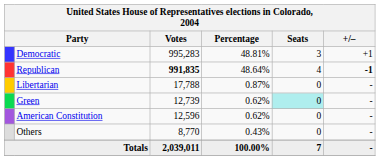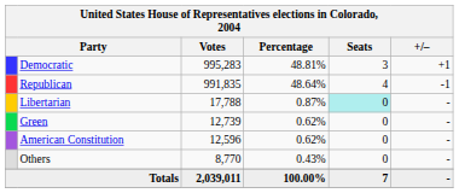 <table class="wikitable" style="font-size: 95%;">
 <tr>
 <th colspan="6">United States House of Representatives elections in Colorado,<br>2004</th>
 </tr>
 <tr>
 <th colspan=2 style="width: 15em">Party</th>
 <th style="width: 5em">Votes</th>
 <th style="width: 7em">Percentage</th>
 <th style="width: 5em">Seats</th>
 <th style="width: 5em">+/–</th>
 </tr>
 <tr>
 <th style="background-color:#3333FF; width: 3px"></th>
 <td style="width: 130px"><a href='#'>Democratic</a></td>
 <td align="right">995,283</td>
 <td align="right">48.81%</td>
 <td align="right">3</td>
 <td align="right">+1</td>
 </tr>
 <tr>
 <th style="background-color:#FF3333; width: 3px"></th>
 <td style="width: 130px"><a href='#'>Republican</a></td>
-<td align="right"><strong>991,835</strong></td>
+<td align="right">991,835</td>
 <td align="right">48.64%</td>
 <td align="right">4</td>
-<td align="right"><strong>-1</strong></td>
+<td align="right">-1</td>
 </tr>
 <tr>
 <th style="background-color:#FFCC00; width: 3px"></th>
 <td style="width: 130px"><a href='#'>Libertarian</a></td>
 <td align="right">17,788</td>
 <td align="right">0.87%</td>
-<td align="right">0</td>
+<td align="right" style="background: paleturquoise;">0</td>
 <td align="right">-</td>
 </tr>
 <tr>
 <th style="background-color:#0BDA51; width: 3px"></th>
 <td style="width: 130px"><a href='#'>Green</a></td>
 <td align="right">12,739</td>
 <td align="right">0.62%</td>
-<td align="right" style="background: paleturquoise;">0</td>
+<td align="right">0</td>
 <td align="right">-</td>
 </tr>
 <tr>
 <th style="background-color:#A356DE; width: 3px"></th>
 <td style="width: 130px"><a href='#'>American Constitution</a></td>
 <td align="right">12,596</td>
 <td align="right">0.62%</td>
 <td align="right">0</td>
 <td align="right">-</td>
 </tr>
 <tr>
 <th style="background-color:#DDDDDD; width: 3px"></th>
 <td style="width: 130px">Others</td>
 <td align="right">8,770</td>
 <td align="right">0.43%</td>
 <td align="right">0</td>
 <td align="right">-</td>
 </tr>
 <tr>
 </tr>
 <tr bgcolor="#EEEEEE">
 <td colspan="2" align="right"><strong>Totals</strong></td>
 <td align="right"><strong>2,039,011</strong></td>
 <td align="right"><strong>100.00%</strong></td>
 <td align="right"><strong>7</strong></td>
 <td align="right"><strong>-</strong></td>
 </tr>
 <tr bgcolor="#EEEEEE">
 </tr>
 </table>
